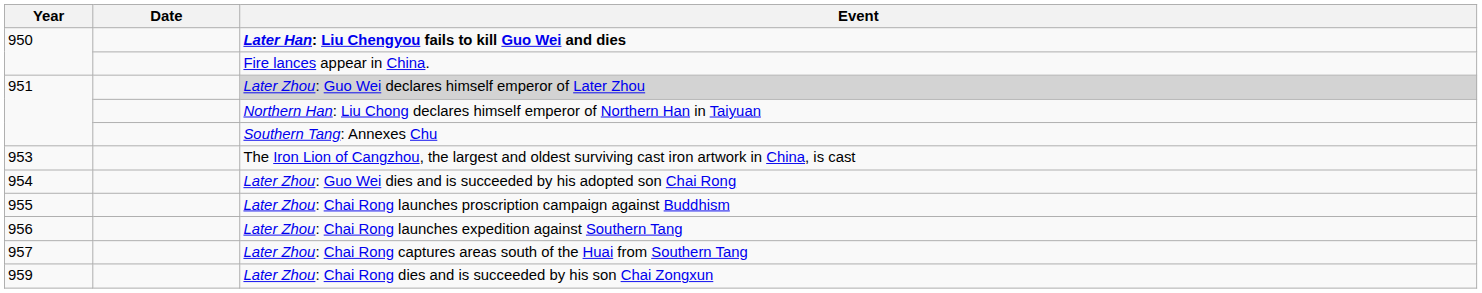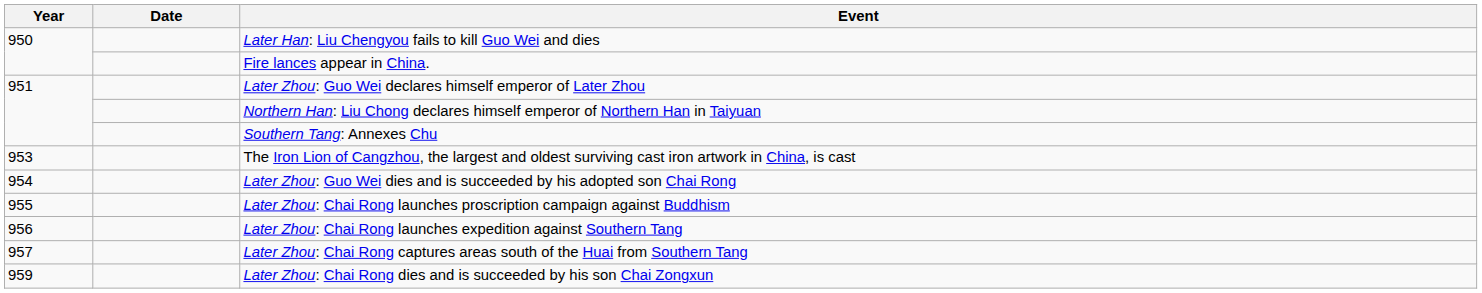 <table class="wikitable" width="100%">
 <tr>
 <th style="width:6%">Year</th>
 <th style="width:10%">Date</th>
 <th>Event</th>
 </tr>
 <tr>
 <td rowspan="2" valign="top">950</td>
 <td></td>
-<td><strong><em><a href='#'>Later Han</a></em>: <a href='#'>Liu Chengyou</a> fails to kill <a href='#'>Guo Wei</a> and dies</strong></td>
+<td><em><a href='#'>Later Han</a></em>: <a href='#'>Liu Chengyou</a> fails to kill <a href='#'>Guo Wei</a> and dies</td>
 </tr>
 <tr>
 <td></td>
 <td><a href='#'>Fire lances</a> appear in <a href='#'>China</a>.</td>
 </tr>
 <tr>
 <td rowspan="3" valign="top">951</td>
 <td></td>
-<td style="background: lightgrey;"><em><a href='#'>Later Zhou</a></em>: <a href='#'>Guo Wei</a> declares himself emperor of <a href='#'>Later Zhou</a></td>
+<td><em><a href='#'>Later Zhou</a></em>: <a href='#'>Guo Wei</a> declares himself emperor of <a href='#'>Later Zhou</a></td>
 </tr>
 <tr>
 <td></td>
 <td><em><a href='#'>Northern Han</a></em>: <a href='#'>Liu Chong</a> declares himself emperor of <a href='#'>Northern Han</a> in <a href='#'>Taiyuan</a></td>
 </tr>
 <tr>
 <td></td>
 <td><em><a href='#'>Southern Tang</a></em>: Annexes <a href='#'>Chu</a></td>
 </tr>
 <tr>
 <td>953</td>
 <td></td>
 <td>The <a href='#'>Iron Lion of Cangzhou</a>, the largest and oldest surviving cast iron artwork in <a href='#'>China</a>, is cast</td>
 </tr>
 <tr>
 <td>954</td>
 <td></td>
 <td><em><a href='#'>Later Zhou</a></em>: <a href='#'>Guo Wei</a> dies and is succeeded by his adopted son <a href='#'>Chai Rong</a></td>
 </tr>
 <tr>
 <td>955</td>
 <td></td>
 <td><em><a href='#'>Later Zhou</a></em>: <a href='#'>Chai Rong</a> launches proscription campaign against <a href='#'>Buddhism</a></td>
 </tr>
 <tr>
 <td>956</td>
 <td></td>
 <td><em><a href='#'>Later Zhou</a></em>: <a href='#'>Chai Rong</a> launches expedition against <a href='#'>Southern Tang</a></td>
 </tr>
 <tr>
 <td>957</td>
 <td></td>
 <td><em><a href='#'>Later Zhou</a></em>: <a href='#'>Chai Rong</a> captures areas south of the <a href='#'>Huai</a> from <a href='#'>Southern Tang</a></td>
 </tr>
 <tr>
 <td>959</td>
 <td></td>
 <td><em><a href='#'>Later Zhou</a></em>: <a href='#'>Chai Rong</a> dies and is succeeded by his son <a href='#'>Chai Zongxun</a></td>
 </tr>
 </table>
